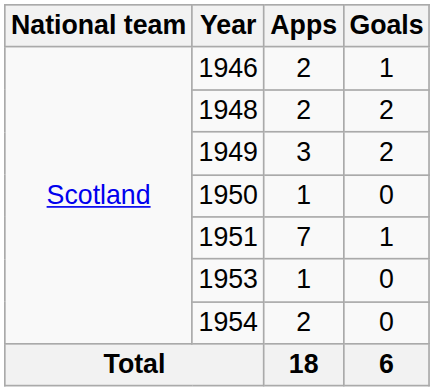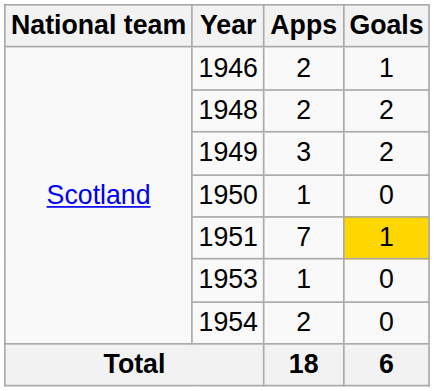 <table class=wikitable style="text-align:center">
 <tr>
 <th>National team</th>
 <th>Year</th>
 <th>Apps</th>
 <th>Goals</th>
 </tr>
 <tr>
 <td rowspan="7"><a href='#'>Scotland</a></td>
 <td>1946</td>
 <td>2</td>
 <td>1</td>
 </tr>
 <tr>
 <td>1948</td>
 <td>2</td>
 <td>2</td>
 </tr>
 <tr>
 <td>1949</td>
 <td>3</td>
 <td>2</td>
 </tr>
 <tr>
 <td>1950</td>
 <td>1</td>
 <td>0</td>
 </tr>
 <tr>
 <td>1951</td>
 <td>7</td>
-<td>1</td>
+<td style="background: gold;">1</td>
 </tr>
 <tr>
 <td>1953</td>
 <td>1</td>
 <td>0</td>
 </tr>
 <tr>
 <td>1954</td>
 <td>2</td>
 <td>0</td>
 </tr>
 <tr>
 <th colspan="2">Total</th>
 <th>18</th>
 <th>6</th>
 </tr>
 </table>
